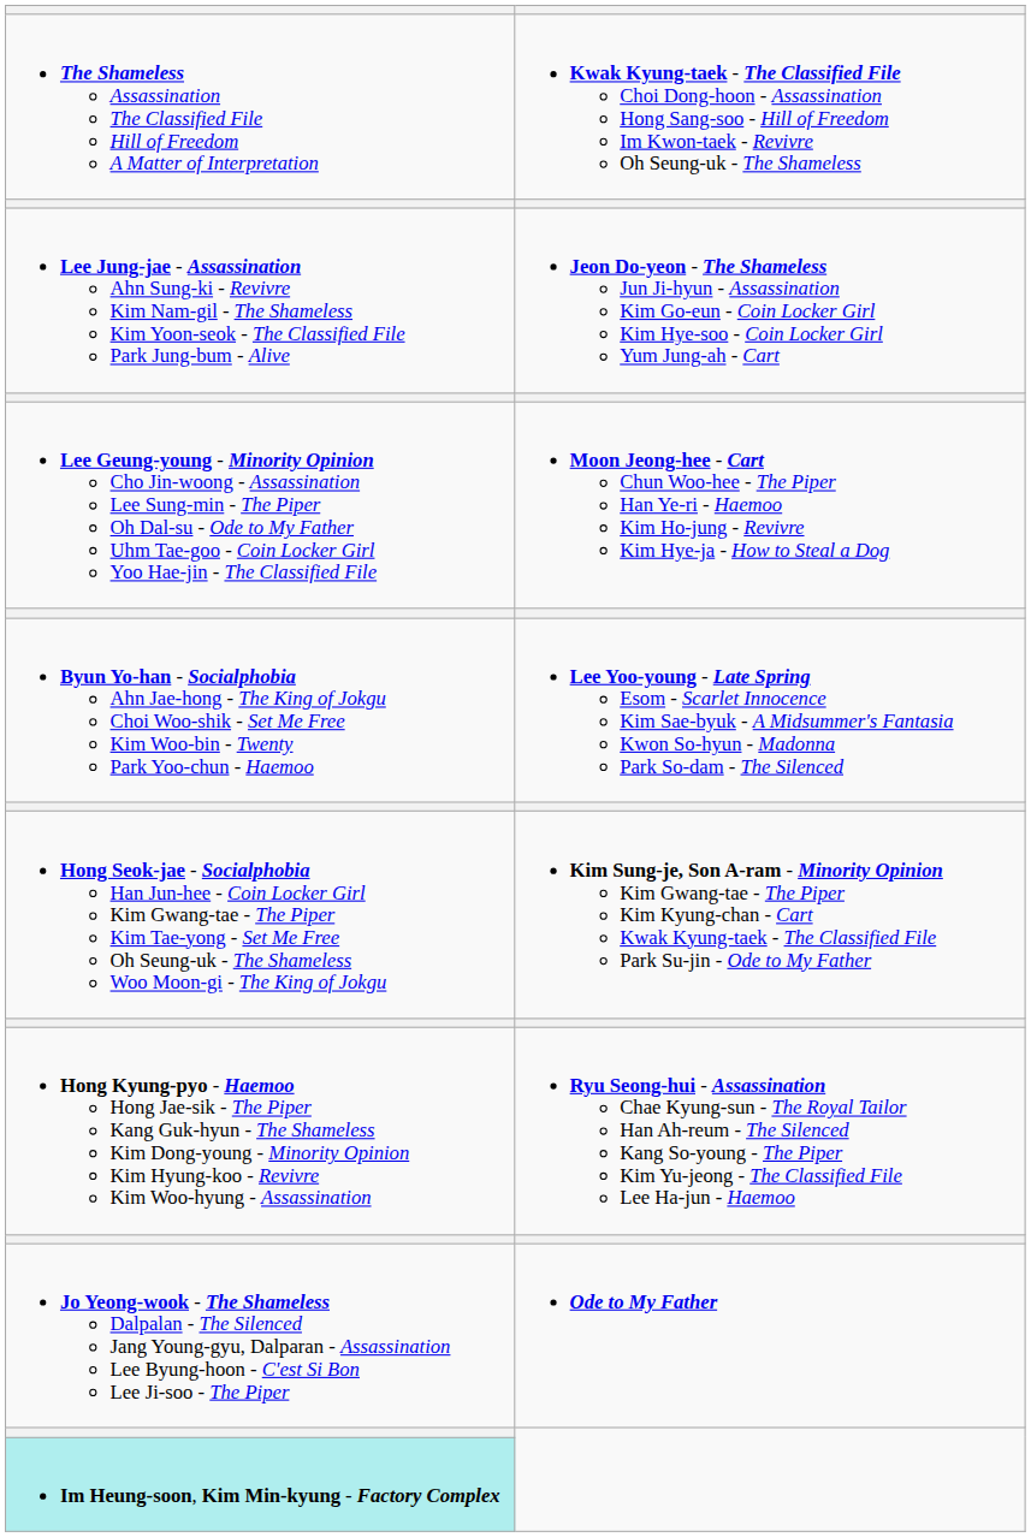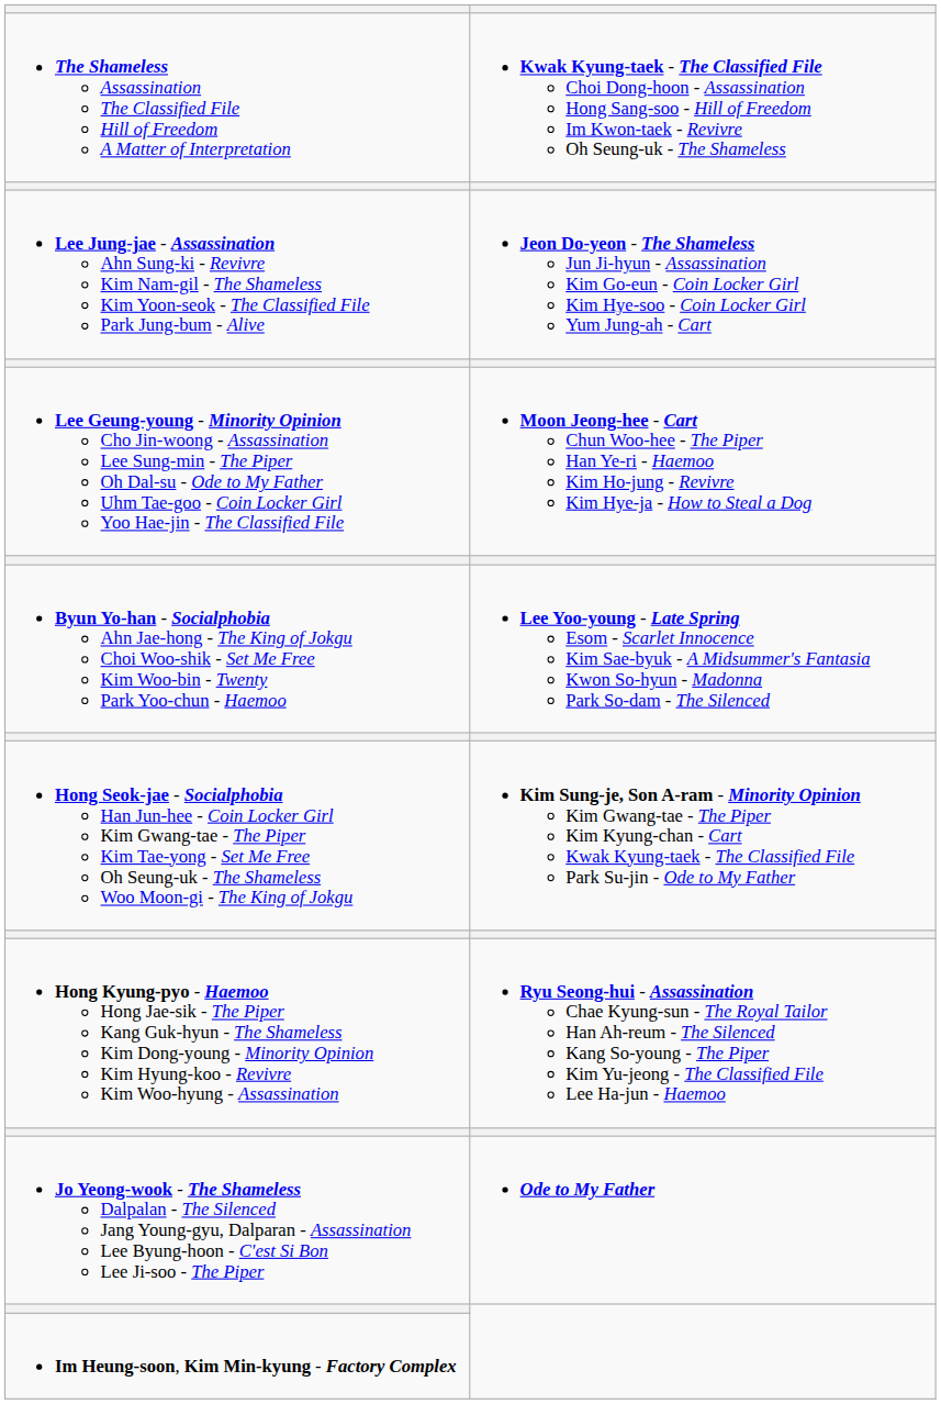 <table class="wikitable">
 <tr>
 <th style="width:400px;"></th>
 <th style="width:400px;"></th>
 </tr>
 <tr>
 <td valign="top"><br><ul><li><strong><em><a href='#'>The Shameless</a></em></strong><ul><li><em><a href='#'>Assassination</a></em></li><li><em><a href='#'>The Classified File</a></em></li><li><em><a href='#'>Hill of Freedom</a></em></li><li><em><a href='#'>A Matter of Interpretation</a></em></li></ul></li></ul></td>
 <td valign="top"><br><ul><li><strong><a href='#'>Kwak Kyung-taek</a></strong> - <strong><em><a href='#'>The Classified File</a></em></strong><ul><li><a href='#'>Choi Dong-hoon</a> - <em><a href='#'>Assassination</a></em></li><li><a href='#'>Hong Sang-soo</a> - <em><a href='#'>Hill of Freedom</a></em></li><li><a href='#'>Im Kwon-taek</a> - <em><a href='#'>Revivre</a></em></li><li>Oh Seung-uk - <em><a href='#'>The Shameless</a></em></li></ul></li></ul></td>
 </tr>
 <tr>
 <th></th>
 <th></th>
 </tr>
 <tr>
 <td valign="top"><br><ul><li><strong><a href='#'>Lee Jung-jae</a></strong> - <strong><em><a href='#'>Assassination</a></em></strong><ul><li><a href='#'>Ahn Sung-ki</a> - <em><a href='#'>Revivre</a></em></li><li><a href='#'>Kim Nam-gil</a> - <em><a href='#'>The Shameless</a></em></li><li><a href='#'>Kim Yoon-seok</a> - <em><a href='#'>The Classified File</a></em></li><li><a href='#'>Park Jung-bum</a> - <em><a href='#'>Alive</a></em></li></ul></li></ul></td>
 <td valign="top"><br><ul><li><strong><a href='#'>Jeon Do-yeon</a></strong> - <strong><em><a href='#'>The Shameless</a></em></strong><ul><li><a href='#'>Jun Ji-hyun</a> - <em><a href='#'>Assassination</a></em></li><li><a href='#'>Kim Go-eun</a> - <em><a href='#'>Coin Locker Girl</a></em></li><li><a href='#'>Kim Hye-soo</a> - <em><a href='#'>Coin Locker Girl</a></em></li><li><a href='#'>Yum Jung-ah</a> - <em><a href='#'>Cart</a></em></li></ul></li></ul></td>
 </tr>
 <tr>
 <th></th>
 <th></th>
 </tr>
 <tr>
 <td valign="top"><br><ul><li><strong><a href='#'>Lee Geung-young</a></strong> - <strong><em><a href='#'>Minority Opinion</a></em></strong><ul><li><a href='#'>Cho Jin-woong</a> - <em><a href='#'>Assassination</a></em></li><li><a href='#'>Lee Sung-min</a> - <em><a href='#'>The Piper</a></em></li><li><a href='#'>Oh Dal-su</a> - <em><a href='#'>Ode to My Father</a></em></li><li><a href='#'>Uhm Tae-goo</a> - <em><a href='#'>Coin Locker Girl</a></em></li><li><a href='#'>Yoo Hae-jin</a> - <em><a href='#'>The Classified File</a></em></li></ul></li></ul></td>
 <td valign="top"><br><ul><li><strong><a href='#'>Moon Jeong-hee</a></strong> - <strong><em><a href='#'>Cart</a></em></strong><ul><li><a href='#'>Chun Woo-hee</a> - <em><a href='#'>The Piper</a></em></li><li><a href='#'>Han Ye-ri</a> - <em><a href='#'>Haemoo</a></em></li><li><a href='#'>Kim Ho-jung</a> - <em><a href='#'>Revivre</a></em></li><li><a href='#'>Kim Hye-ja</a> - <em><a href='#'>How to Steal a Dog</a></em></li></ul></li></ul></td>
 </tr>
 <tr>
 <th></th>
 <th></th>
 </tr>
 <tr>
 <td valign="top"><br><ul><li><strong><a href='#'>Byun Yo-han</a></strong>  - <strong><em><a href='#'>Socialphobia</a></em></strong><ul><li><a href='#'>Ahn Jae-hong</a> - <em><a href='#'>The King of Jokgu</a></em></li><li><a href='#'>Choi Woo-shik</a> - <em><a href='#'>Set Me Free</a></em></li><li><a href='#'>Kim Woo-bin</a> - <em><a href='#'>Twenty</a></em></li><li><a href='#'>Park Yoo-chun</a> - <em><a href='#'>Haemoo</a></em></li></ul></li></ul></td>
 <td valign="top"><br><ul><li><strong><a href='#'>Lee Yoo-young</a></strong> - <strong><em><a href='#'>Late Spring</a></em></strong><ul><li><a href='#'>Esom</a> - <em><a href='#'>Scarlet Innocence</a></em></li><li><a href='#'>Kim Sae-byuk</a> - <em><a href='#'>A Midsummer's Fantasia</a></em></li><li><a href='#'>Kwon So-hyun</a> - <em><a href='#'>Madonna</a></em></li><li><a href='#'>Park So-dam</a> - <em><a href='#'>The Silenced</a></em></li></ul></li></ul></td>
 </tr>
 <tr>
 <th></th>
 <th></th>
 </tr>
 <tr>
 <td valign="top"><br><ul><li><strong><a href='#'>Hong Seok-jae</a></strong>  - <strong><em><a href='#'>Socialphobia</a></em></strong><ul><li><a href='#'>Han Jun-hee</a> - <em><a href='#'>Coin Locker Girl</a></em></li><li>Kim Gwang-tae - <em><a href='#'>The Piper</a></em></li><li><a href='#'>Kim Tae-yong</a> - <em><a href='#'>Set Me Free</a></em></li><li>Oh Seung-uk - <em><a href='#'>The Shameless</a></em></li><li><a href='#'>Woo Moon-gi</a> - <em><a href='#'>The King of Jokgu</a></em></li></ul></li></ul></td>
 <td valign="top"><br><ul><li><strong>Kim Sung-je, Son A-ram</strong> - <strong><em><a href='#'>Minority Opinion</a></em></strong><ul><li>Kim Gwang-tae - <em><a href='#'>The Piper</a></em></li><li>Kim Kyung-chan - <em><a href='#'>Cart</a></em></li><li><a href='#'>Kwak Kyung-taek</a> - <em><a href='#'>The Classified File</a></em></li><li>Park Su-jin - <em><a href='#'>Ode to My Father</a></em></li></ul></li></ul></td>
 </tr>
 <tr>
 <th></th>
 <th></th>
 </tr>
 <tr>
 <td valign="top"><br><ul><li><strong>Hong Kyung-pyo</strong> - <strong><em><a href='#'>Haemoo</a></em></strong><ul><li>Hong Jae-sik - <em><a href='#'>The Piper</a></em></li><li>Kang Guk-hyun - <em><a href='#'>The Shameless</a></em></li><li>Kim Dong-young - <em><a href='#'>Minority Opinion</a></em></li><li>Kim Hyung-koo - <em><a href='#'>Revivre</a></em></li><li>Kim Woo-hyung - <em><a href='#'>Assassination</a></em></li></ul></li></ul></td>
 <td valign="top"><br><ul><li><strong><a href='#'>Ryu Seong-hui</a></strong> - <strong><em><a href='#'>Assassination</a></em></strong><ul><li>Chae Kyung-sun - <em><a href='#'>The Royal Tailor</a></em></li><li>Han Ah-reum - <em><a href='#'>The Silenced</a></em></li><li>Kang So-young - <em><a href='#'>The Piper</a></em></li><li>Kim Yu-jeong - <em><a href='#'>The Classified File</a></em></li><li>Lee Ha-jun - <em><a href='#'>Haemoo</a></em></li></ul></li></ul></td>
 </tr>
 <tr>
 <th></th>
 <th></th>
 </tr>
 <tr>
 <td valign="top"><br><ul><li><strong><a href='#'>Jo Yeong-wook</a></strong> - <strong><em><a href='#'>The Shameless</a></em></strong><ul><li><a href='#'>Dalpalan</a> - <em><a href='#'>The Silenced</a></em></li><li>Jang Young-gyu, Dalparan - <em><a href='#'>Assassination</a></em></li><li>Lee Byung-hoon - <em><a href='#'>C'est Si Bon</a></em></li><li>Lee Ji-soo - <em><a href='#'>The Piper</a></em></li></ul></li></ul></td>
 <td valign="top"><br><ul><li><strong><em><a href='#'>Ode to My Father</a></em></strong></li></ul></td>
 </tr>
 <tr>
 <th></th>
 </tr>
 <tr>
-<td valign="top" style="background: paleturquoise;"><br><ul><li><strong>Im Heung-soon</strong>, <strong>Kim Min-kyung</strong> - <strong><em>Factory Complex</em></strong></li></ul></td>
+<td valign="top"><br><ul><li><strong>Im Heung-soon</strong>, <strong>Kim Min-kyung</strong> - <strong><em>Factory Complex</em></strong></li></ul></td>
 </tr>
 </table>
